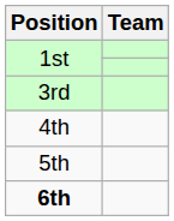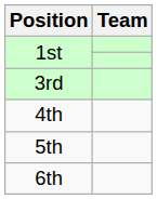 <table class="wikitable">
 <tr>
 <th>Position</th>
 <th>Team</th>
 </tr>
 <tr style="background:#cfc">
 <td style="text-align:center" rowspan=2>1st</td>
 <td></td>
 </tr>
 <tr style="background:#cfc">
 <td></td>
 </tr>
 <tr style="background:#cfc">
 <td style="text-align:center">3rd</td>
 <td></td>
 </tr>
 <tr>
 <td style="text-align:center">4th</td>
 <td></td>
 </tr>
 <tr>
 <td style="text-align:center">5th</td>
 <td></td>
 </tr>
 <tr>
-<td style="text-align:center"><strong>6th</strong></td>
+<td style="text-align:center">6th</td>
 <td></td>
 </tr>
 </table>
